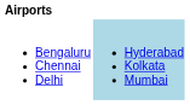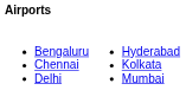 <table>
 <tr>
 <td colspan=2><strong>Airports</strong></td>
 </tr>
 <tr>
 <td><br><ul><li><a href='#'>Bengaluru</a></li><li><a href='#'>Chennai</a></li><li><a href='#'>Delhi</a></li></ul></td>
-<td valign="top" style="background: lightblue;"><br><ul><li><a href='#'>Hyderabad</a></li><li><a href='#'>Kolkata</a></li><li><a href='#'>Mumbai</a></li></ul></td>
+<td valign="top"><br><ul><li><a href='#'>Hyderabad</a></li><li><a href='#'>Kolkata</a></li><li><a href='#'>Mumbai</a></li></ul></td>
 </tr>
 </table>
